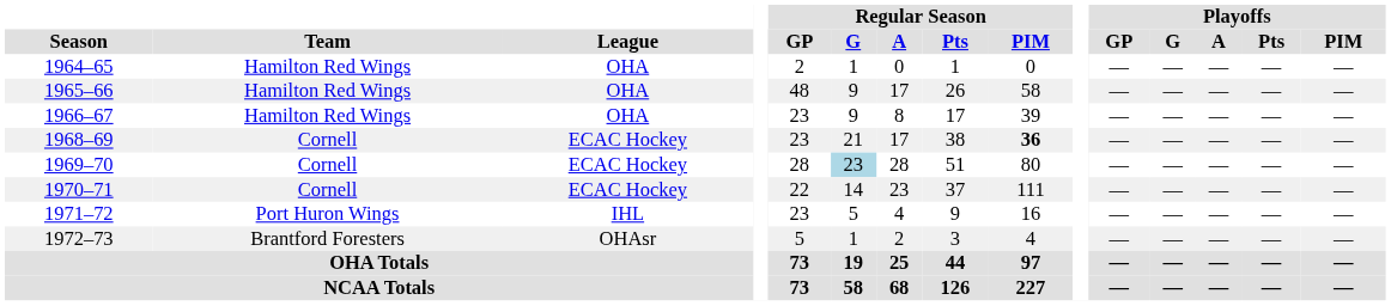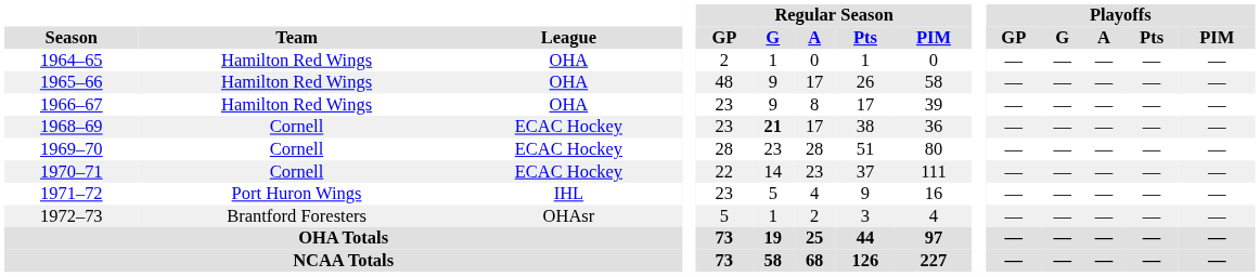 <table border="0" cellpadding="1" cellspacing="0" style="text-align:center; width:70em">
 <tr bgcolor="#e0e0e0">
 <th colspan="3"  bgcolor="#ffffff"> </th>
 <th rowspan="99" bgcolor="#ffffff"> </th>
 <th colspan="5">Regular Season</th>
 <th rowspan="99" bgcolor="#ffffff"> </th>
 <th colspan="5">Playoffs</th>
 </tr>
 <tr bgcolor="#e0e0e0">
 <th>Season</th>
 <th>Team</th>
 <th>League</th>
 <th>GP</th>
 <th><a href='#'>G</a></th>
 <th><a href='#'>A</a></th>
 <th><a href='#'>Pts</a></th>
 <th><a href='#'>PIM</a></th>
 <th>GP</th>
 <th>G</th>
 <th>A</th>
 <th>Pts</th>
 <th>PIM</th>
 </tr>
 <tr>
 <td><a href='#'>1964–65</a></td>
 <td><a href='#'>Hamilton Red Wings</a></td>
 <td><a href='#'>OHA</a></td>
 <td>2</td>
 <td>1</td>
 <td>0</td>
 <td>1</td>
 <td>0</td>
 <td>—</td>
 <td>—</td>
 <td>—</td>
 <td>—</td>
 <td>—</td>
 </tr>
 <tr bgcolor=f0f0f0>
 <td><a href='#'>1965–66</a></td>
 <td><a href='#'>Hamilton Red Wings</a></td>
 <td><a href='#'>OHA</a></td>
 <td>48</td>
 <td>9</td>
 <td>17</td>
 <td>26</td>
 <td>58</td>
 <td>—</td>
 <td>—</td>
 <td>—</td>
 <td>—</td>
 <td>—</td>
 </tr>
 <tr>
 <td><a href='#'>1966–67</a></td>
 <td><a href='#'>Hamilton Red Wings</a></td>
 <td><a href='#'>OHA</a></td>
 <td>23</td>
 <td>9</td>
 <td>8</td>
 <td>17</td>
 <td>39</td>
 <td>—</td>
 <td>—</td>
 <td>—</td>
 <td>—</td>
 <td>—</td>
 </tr>
 <tr bgcolor=f0f0f0>
 <td><a href='#'>1968–69</a></td>
 <td><a href='#'>Cornell</a></td>
 <td><a href='#'>ECAC Hockey</a></td>
 <td>23</td>
-<td>21</td>
+<td><strong>21</strong></td>
 <td>17</td>
 <td>38</td>
-<td><strong>36</strong></td>
+<td>36</td>
 <td>—</td>
 <td>—</td>
 <td>—</td>
 <td>—</td>
 <td>—</td>
 </tr>
 <tr>
 <td><a href='#'>1969–70</a></td>
 <td><a href='#'>Cornell</a></td>
 <td><a href='#'>ECAC Hockey</a></td>
 <td>28</td>
-<td style="background: lightblue;">23</td>
+<td>23</td>
 <td>28</td>
 <td>51</td>
 <td>80</td>
 <td>—</td>
 <td>—</td>
 <td>—</td>
 <td>—</td>
 <td>—</td>
 </tr>
 <tr bgcolor=f0f0f0>
 <td><a href='#'>1970–71</a></td>
 <td><a href='#'>Cornell</a></td>
 <td><a href='#'>ECAC Hockey</a></td>
 <td>22</td>
 <td>14</td>
 <td>23</td>
 <td>37</td>
 <td>111</td>
 <td>—</td>
 <td>—</td>
 <td>—</td>
 <td>—</td>
 <td>—</td>
 </tr>
 <tr>
 <td><a href='#'>1971–72</a></td>
 <td><a href='#'>Port Huron Wings</a></td>
 <td><a href='#'>IHL</a></td>
 <td>23</td>
 <td>5</td>
 <td>4</td>
 <td>9</td>
 <td>16</td>
 <td>—</td>
 <td>—</td>
 <td>—</td>
 <td>—</td>
 <td>—</td>
 </tr>
 <tr bgcolor=f0f0f0>
 <td>1972–73</td>
 <td>Brantford Foresters</td>
 <td>OHAsr</td>
 <td>5</td>
 <td>1</td>
 <td>2</td>
 <td>3</td>
 <td>4</td>
 <td>—</td>
 <td>—</td>
 <td>—</td>
 <td>—</td>
 <td>—</td>
 </tr>
 <tr bgcolor="#e0e0e0">
 <th colspan="3">OHA Totals</th>
 <th>73</th>
 <th>19</th>
 <th>25</th>
 <th>44</th>
 <th>97</th>
 <th>—</th>
 <th>—</th>
 <th>—</th>
 <th>—</th>
 <th>—</th>
 </tr>
 <tr bgcolor="#e0e0e0">
 <th colspan="3">NCAA Totals</th>
 <th>73</th>
 <th>58</th>
 <th>68</th>
 <th>126</th>
 <th>227</th>
 <th>—</th>
 <th>—</th>
 <th>—</th>
 <th>—</th>
 <th>—</th>
 </tr>
 </table>
